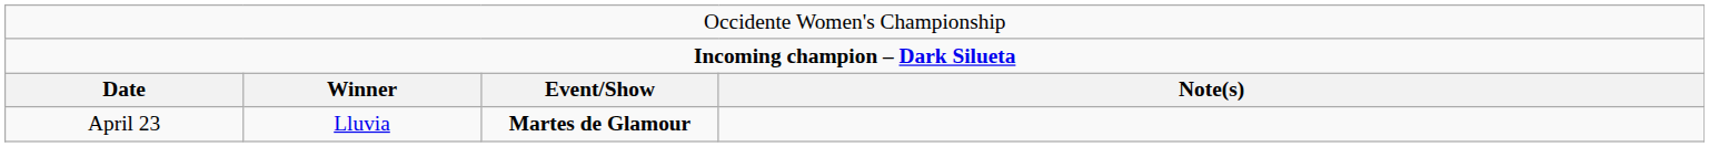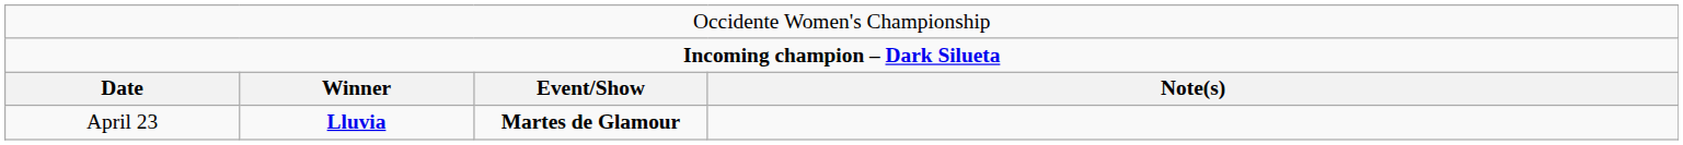 <table class="wikitable" style="text-align:center; width:100%;">
 <tr>
 <td colspan="4" style="text-align: center;">Occidente Women's Championship</td>
 </tr>
 <tr>
 <td colspan="4" style="text-align: center;"><strong>Incoming champion – <a href='#'>Dark Silueta</a></strong></td>
 </tr>
 <tr>
 <th width=14%>Date</th>
 <th width=14%>Winner</th>
 <th width=14%>Event/Show</th>
 <th width=58%>Note(s)</th>
 </tr>
 <tr>
 <td>April 23</td>
-<td><a href='#'>Lluvia</a></td>
+<td><strong><a href='#'>Lluvia</a></strong></td>
 <td><strong>Martes de Glamour</strong></td>
 <td></td>
 </tr>
 </table>
